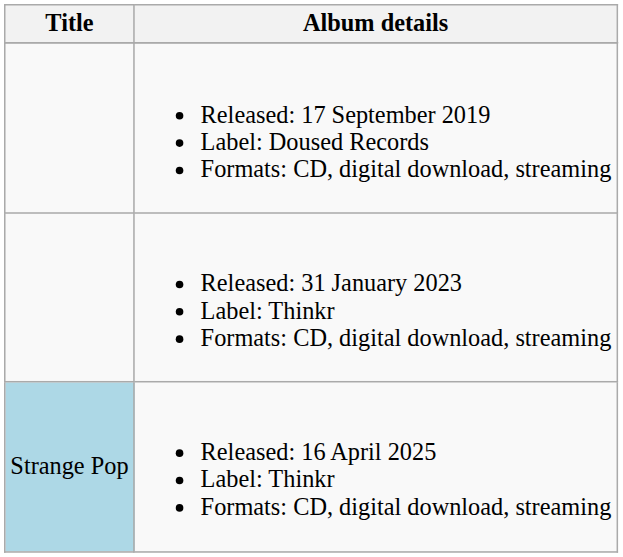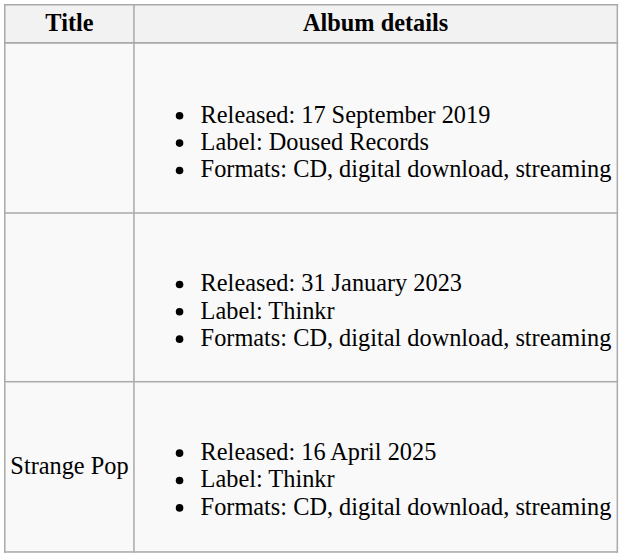 <table class="wikitable plainrowheaders">
 <tr>
 <th scope="col">Title</th>
 <th scope="col">Album details</th>
 </tr>
 <tr>
 </tr>
 <tr>
 <td></td>
 <td><br><ul><li>Released: 17 September 2019</li><li>Label: Doused Records</li><li>Formats: CD, digital download, streaming</li></ul></td>
 </tr>
 <tr>
 <td></td>
 <td><br><ul><li>Released: 31 January 2023</li><li>Label: Thinkr</li><li>Formats: CD, digital download, streaming</li></ul></td>
 </tr>
 <tr>
-<td style="background: lightblue;">Strange Pop</td>
+<td>Strange Pop</td>
 <td><br><ul><li>Released: 16 April 2025</li><li>Label: Thinkr</li><li>Formats: CD, digital download, streaming</li></ul></td>
 </tr>
 </table>
